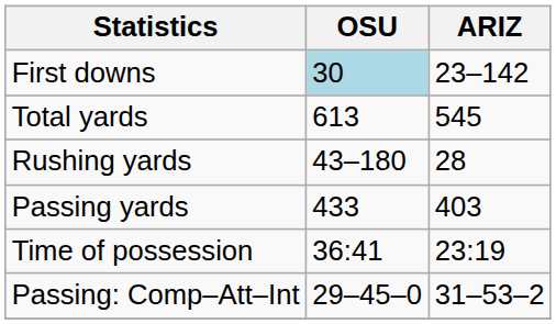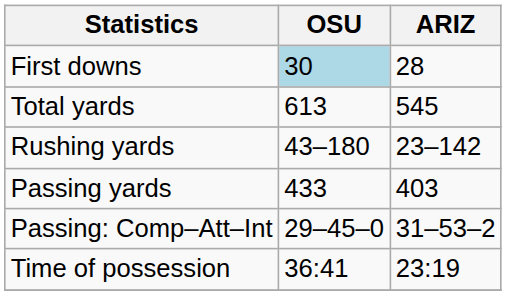 <table class="wikitable" style="float: left;">
 <tr>
 <th>Statistics</th>
 <th>OSU</th>
 <th>ARIZ</th>
 </tr>
 <tr>
 <td>First downs</td>
 <td style="background: lightblue;">30</td>
-<td>23–142</td>
+<td>28</td>
 </tr>
 <tr>
 <td>Total yards</td>
 <td>613</td>
 <td>545</td>
 </tr>
 <tr>
 <td>Rushing yards</td>
 <td>43–180</td>
-<td>28</td>
+<td>23–142</td>
 </tr>
 <tr>
 <td>Passing yards</td>
 <td>433</td>
 <td>403</td>
 </tr>
 <tr>
+<td>Passing: Comp–Att–Int</td>
+<td>29–45–0</td>
+<td>31–53–2</td>
+</tr>
+<tr>
 <td>Time of possession</td>
 <td>36:41</td>
 <td>23:19</td>
 </tr>
 <tr>
-<td>Passing: Comp–Att–Int</td>
-<td>29–45–0</td>
-<td>31–53–2</td>
-</tr>
-<tr>
 </tr>
 </table>
